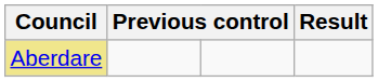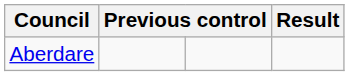 <table class="wikitable sortable" style="valign:top">
 <tr>
 <th>Council</th>
 <th colspan=2>Previous control</th>
 <th colspan=2>Result</th>
 </tr>
 <tr>
-<td style="background: khaki;"><a href='#'>Aberdare</a></td>
+<td><a href='#'>Aberdare</a></td>
 <td></td>
 <td></td>
 </tr>
 </table>
